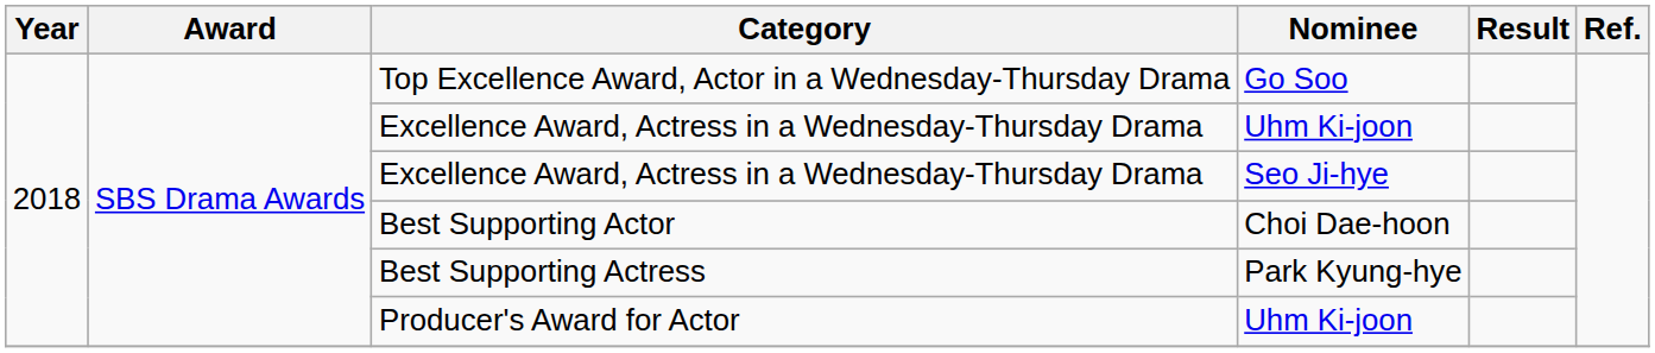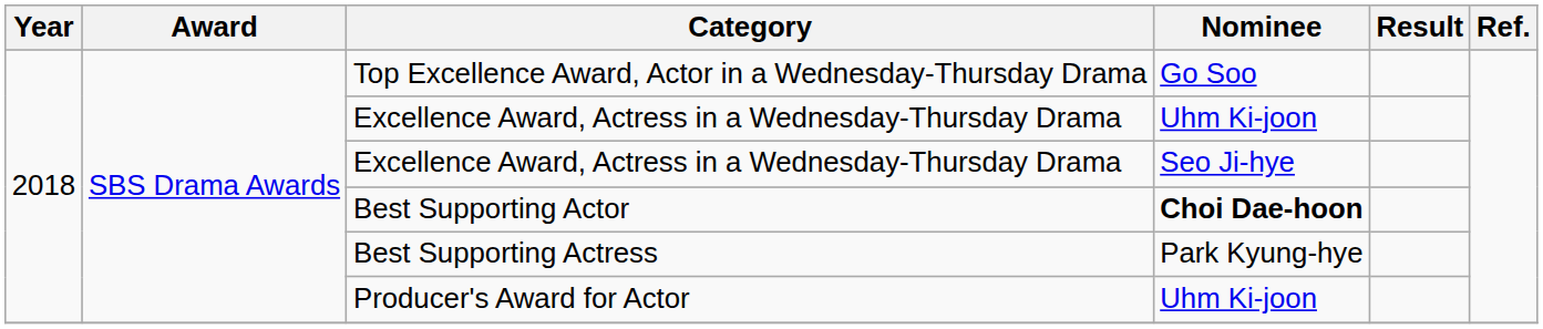 <table class="wikitable">
 <tr>
 <th>Year</th>
 <th>Award</th>
 <th>Category</th>
 <th>Nominee</th>
 <th>Result</th>
 <th>Ref.</th>
 </tr>
 <tr>
 <td rowspan=6>2018</td>
 <td rowspan=6><a href='#'>SBS Drama Awards</a></td>
 <td>Top Excellence Award, Actor in a Wednesday-Thursday Drama</td>
 <td><a href='#'>Go Soo</a></td>
 <td></td>
 <td rowspan=6></td>
 </tr>
 <tr>
 <td>Excellence Award, Actress in a Wednesday-Thursday Drama</td>
 <td><a href='#'>Uhm Ki-joon</a></td>
 <td></td>
 </tr>
 <tr>
 <td>Excellence Award, Actress in a Wednesday-Thursday Drama</td>
 <td><a href='#'>Seo Ji-hye</a></td>
 <td></td>
 </tr>
 <tr>
 <td>Best Supporting Actor</td>
-<td>Choi Dae-hoon</td>
+<td><strong>Choi Dae-hoon</strong></td>
 <td></td>
 </tr>
 <tr>
 <td>Best Supporting Actress</td>
 <td>Park Kyung-hye</td>
 <td></td>
 </tr>
 <tr>
 <td>Producer's Award for Actor</td>
 <td><a href='#'>Uhm Ki-joon</a></td>
 <td></td>
 </tr>
 <tr>
 </tr>
 </table>
